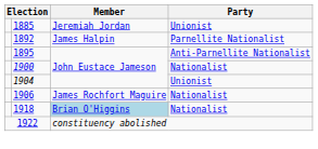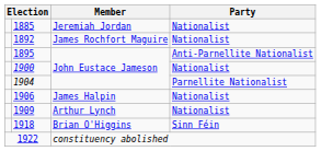 <table class="wikitable">
 <tr>
 <th colspan="2">Election</th>
 <th>Member</th>
 <th>Party</th>
 </tr>
 <tr>
 <td style="background-color: "></td>
 <td><a href='#'>1885</a></td>
 <td><a href='#'>Jeremiah Jordan</a></td>
-<td><a href='#'>Unionist</a></td>
+<td><a href='#'>Nationalist</a></td>
 </tr>
 <tr>
 <td style="background-color: "></td>
 <td><a href='#'>1892</a></td>
-<td><a href='#'>James Halpin</a></td>
-<td><a href='#'>Parnellite Nationalist</a></td>
+<td><a href='#'>James Rochfort Maguire</a></td>
+<td><a href='#'>Nationalist</a></td>
 </tr>
 <tr>
 <td style="background-color: "></td>
 <td><a href='#'>1895</a></td>
 <td rowspan="3"><a href='#'>John Eustace Jameson</a></td>
 <td><a href='#'>Anti-Parnellite Nationalist</a></td>
 </tr>
 <tr>
 <td style="background-color: "></td>
 <td><em><a href='#'>1900</a></em></td>
 <td><a href='#'>Nationalist</a></td>
 </tr>
 <tr>
 <td style="background-color: "></td>
 <td><em>1904</em></td>
-<td><a href='#'>Unionist</a></td>
+<td><a href='#'>Parnellite Nationalist</a></td>
 </tr>
 <tr>
 <td style="background-color: "></td>
 <td><a href='#'>1906</a></td>
-<td><a href='#'>James Rochfort Maguire</a></td>
+<td><a href='#'>James Halpin</a></td>
+<td><a href='#'>Nationalist</a></td>
+</tr>
+<tr>
+<td style="background-color: "></td>
+<td><a href='#'>1909</a></td>
+<td><a href='#'>Arthur Lynch</a></td>
 <td><a href='#'>Nationalist</a></td>
 </tr>
 <tr>
 <td style="background-color: "></td>
 <td><a href='#'>1918</a></td>
-<td style="background: lightblue;"><a href='#'>Brian O'Higgins</a></td>
-<td><a href='#'>Nationalist</a></td>
+<td><a href='#'>Brian O'Higgins</a></td>
+<td><a href='#'>Sinn Féin</a></td>
 </tr>
 <tr>
 <td colspan="2" align="center"><a href='#'>1922</a></td>
 <td colspan="2"><em>constituency abolished</em></td>
 </tr>
 </table>
